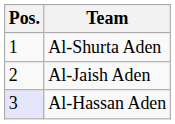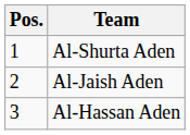 <table class="wikitable">
 <tr>
 <th>Pos.</th>
 <th>Team</th>
 </tr>
 <tr>
 <td>1</td>
 <td>Al-Shurta Aden</td>
 </tr>
 <tr>
 <td>2</td>
 <td>Al-Jaish Aden</td>
 </tr>
 <tr>
-<td style="background: lavender;">3</td>
+<td>3</td>
 <td>Al-Hassan Aden</td>
 </tr>
 </table>
